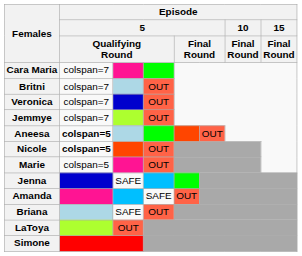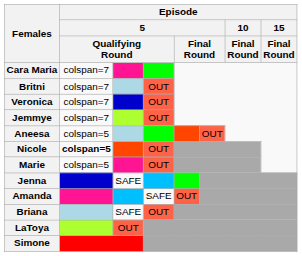 <table class="wikitable" style="text-align:center">
 <tr>
 <th rowspan="3">Females</th>
 <th colspan="10">Episode</th>
 </tr>
 <tr>
 <th colspan="5">5</th>
 <th colspan=2>10</th>
 <th colspan=2>15</th>
 </tr>
 <tr>
 <th colspan=3>Qualifying<br> Round</th>
 <th colspan=2>Final<br>Round</th>
 <th colspan=2>Final<br>Round</th>
 <th colspan=2>Final<br>Round</th>
 </tr>
 <tr>
 <th nowrap>Cara Maria</th>
 <td>colspan=7 </td>
 <td bgcolor="deeppink"></td>
 <td bgcolor="lime"></td>
 </tr>
 <tr>
 <th>Britni</th>
 <td>colspan=7 </td>
 <td bgcolor="lightblue"></td>
 <td bgcolor="tomato">OUT</td>
 </tr>
 <tr>
 <th>Veronica</th>
 <td>colspan=7 </td>
 <td bgcolor="mediumblue"></td>
 <td bgcolor="tomato">OUT</td>
 </tr>
 <tr>
 <th>Jemmye</th>
 <td>colspan=7 </td>
 <td bgcolor="greenyellow"></td>
 <td bgcolor="tomato">OUT</td>
 </tr>
 <tr>
 <th>Aneesa</th>
-<td><strong>colspan=5 </strong></td>
+<td>colspan=5 </td>
 <td bgcolor="lightblue"></td>
 <td bgcolor="lime"></td>
 <td bgcolor="orangered"></td>
 <td bgcolor="tomato">OUT</td>
 </tr>
 <tr>
 <th>Nicole</th>
 <td><strong>colspan=5 </strong></td>
 <td bgcolor="orangered"></td>
 <td bgcolor="tomato">OUT</td>
 <td bgcolor="darkgray" colspan="4"></td>
 </tr>
 <tr>
 <th>Marie</th>
 <td>colspan=5 </td>
 <td bgcolor="deeppink"></td>
 <td bgcolor="tomato">OUT</td>
 <td bgcolor="darkgray" colspan="4"></td>
 </tr>
 <tr>
 <th>Jenna</th>
 <td bgcolor="mediumblue"></td>
 <td>SAFE</td>
 <td bgcolor="deepskyblue"></td>
 <td bgcolor="lime"></td>
 <td bgcolor="darkgray" colspan="6"></td>
 </tr>
 <tr>
 <th>Amanda</th>
 <td bgcolor="deeppink"></td>
 <td bgcolor="deepskyblue"></td>
 <td>SAFE</td>
 <td bgcolor="tomato">OUT</td>
 <td bgcolor="darkgray" colspan="7"></td>
 </tr>
 <tr>
 <th>Briana</th>
 <td bgcolor="lightblue"></td>
 <td>SAFE</td>
 <td bgcolor="tomato">OUT</td>
 <td bgcolor="darkgray" colspan="8"></td>
 </tr>
 <tr>
 <th>LaToya</th>
 <td bgcolor="greenyellow"></td>
 <td bgcolor="tomato">OUT</td>
 <td bgcolor="darkgray" colspan="8"></td>
 </tr>
 <tr>
 <th>Simone</th>
 <td colspan=2 bgcolor="red"></td>
 <td bgcolor="darkgray" colspan="9"></td>
 </tr>
 </table>
